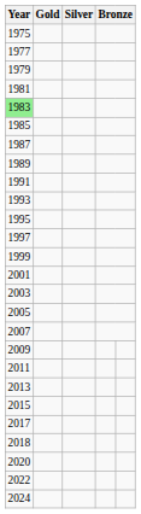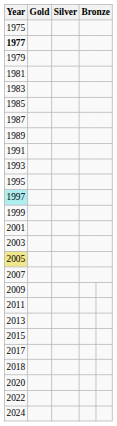 <table class=wikitable style="font-size:90%;">
 <tr>
 <th>Year</th>
 <th>Gold</th>
 <th>Silver</th>
 <th colspan=2>Bronze</th>
 </tr>
 <tr>
 <td>1975</td>
 <td></td>
 <td></td>
 <td align= "center" colspan=2></td>
 </tr>
 <tr>
-<td>1977</td>
+<td><strong>1977</strong></td>
 <td></td>
 <td></td>
 <td align= "center" colspan=2></td>
 </tr>
 <tr>
 <td>1979</td>
 <td></td>
 <td></td>
 <td align= "center" colspan=2></td>
 </tr>
 <tr>
 <td>1981</td>
 <td></td>
 <td></td>
 <td align= "center" colspan=2></td>
 </tr>
 <tr>
-<td style="background: lightgreen;">1983</td>
+<td>1983</td>
 <td></td>
 <td></td>
 <td align= "center" colspan=2></td>
 </tr>
 <tr>
 <td>1985</td>
 <td></td>
 <td></td>
 <td align= "center" colspan=2></td>
 </tr>
 <tr>
 <td>1987</td>
 <td></td>
 <td></td>
 <td align= "center" colspan=2></td>
 </tr>
 <tr>
 <td>1989</td>
 <td></td>
 <td></td>
 <td align= "center" colspan=2></td>
 </tr>
 <tr>
 <td>1991</td>
 <td></td>
 <td></td>
 <td align= "center" colspan=2></td>
 </tr>
 <tr>
 <td>1993</td>
 <td></td>
 <td></td>
 <td align= "center" colspan=2></td>
 </tr>
 <tr>
 <td>1995</td>
 <td></td>
 <td></td>
 <td align= "center" colspan=2></td>
 </tr>
 <tr>
-<td>1997</td>
+<td style="background: paleturquoise;">1997</td>
 <td></td>
 <td></td>
 <td align= "center" colspan=2></td>
 </tr>
 <tr>
 <td>1999</td>
 <td></td>
 <td></td>
 <td align= "center" colspan=2></td>
 </tr>
 <tr>
 <td>2001</td>
 <td></td>
 <td></td>
 <td align= "center" colspan=2></td>
 </tr>
 <tr>
 <td>2003</td>
 <td></td>
 <td></td>
 <td align= "center" colspan=2></td>
 </tr>
 <tr>
-<td>2005</td>
+<td style="background: khaki;">2005</td>
 <td></td>
 <td></td>
 <td align= "center" colspan=2></td>
 </tr>
 <tr>
 <td>2007</td>
 <td></td>
 <td></td>
 <td align= "center" colspan=2></td>
 </tr>
 <tr>
 <td>2009</td>
 <td></td>
 <td></td>
 <td></td>
 <td></td>
 </tr>
 <tr>
 <td>2011</td>
 <td></td>
 <td></td>
 <td></td>
 <td></td>
 </tr>
 <tr>
 <td>2013</td>
 <td></td>
 <td></td>
 <td></td>
 <td></td>
 </tr>
 <tr>
 <td>2015</td>
 <td></td>
 <td></td>
 <td></td>
 <td></td>
 </tr>
 <tr>
 <td>2017</td>
 <td></td>
 <td></td>
 <td></td>
 <td></td>
 </tr>
 <tr>
 <td>2018</td>
 <td></td>
 <td></td>
 <td></td>
 <td></td>
 </tr>
 <tr>
 <td>2020</td>
 <td></td>
 <td></td>
 <td></td>
 <td></td>
 </tr>
 <tr>
 <td>2022</td>
 <td></td>
 <td></td>
 <td></td>
 <td></td>
 </tr>
 <tr>
 <td>2024</td>
 <td></td>
 <td></td>
 <td></td>
 <td></td>
 </tr>
 </table>
